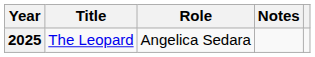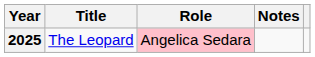 <table class="wikitable plainrowheaders sortable">
 <tr>
 <th scope="col">Year</th>
 <th scope="col">Title</th>
 <th scope="col">Role</th>
 <th class="unsortable" scope="col">Notes</th>
 <th class="unsortable" scope="col"></th>
 </tr>
 <tr>
 <th rowspan="2" scope="row">2025</th>
 <td><a href='#'>The Leopard</a></td>
-<td>Angelica Sedara</td>
+<td style="background: pink;">Angelica Sedara</td>
 <td></td>
 <td style="text-align:center;"></td>
 </tr>
 </table>
